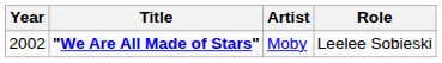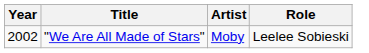 <table class="wikitable">
 <tr>
 <th>Year</th>
 <th>Title</th>
 <th>Artist</th>
 <th>Role</th>
 </tr>
 <tr>
 <td>2002</td>
-<td><strong>"<a href='#'>We Are All Made of Stars</a>"</strong></td>
+<td>"<a href='#'>We Are All Made of Stars</a>"</td>
 <td><a href='#'>Moby</a></td>
 <td>Leelee Sobieski</td>
 </tr>
 </table>
